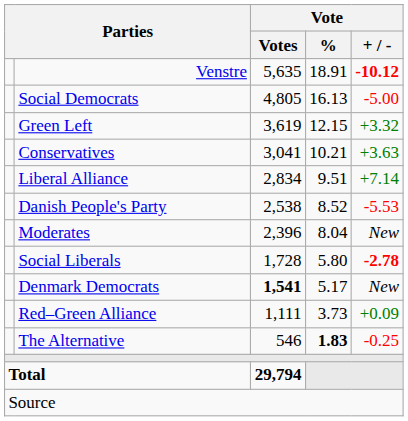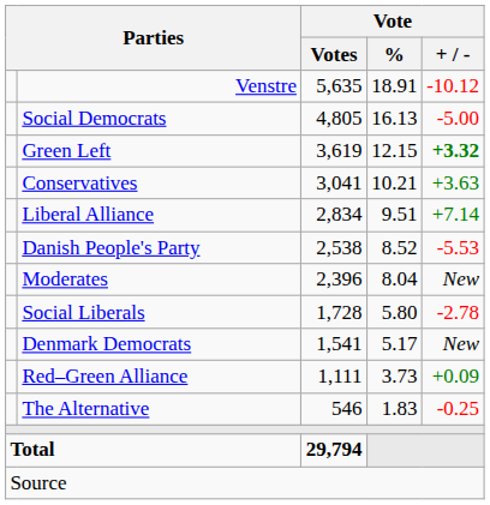 <table class="wikitable" style="text-align:right;">
 <tr>
 <th style="text-align:centre;" rowspan="2" colspan="2" width="225">Parties</th>
 <th colspan="3">Vote</th>
 </tr>
 <tr>
 <th width="15">Votes</th>
 <th width="15">%</th>
 <th width="15">+ / -</th>
 </tr>
 <tr>
 <td width=2 bgcolor=></td>
 <td><a href='#'>Venstre</a></td>
 <td>5,635</td>
 <td>18.91</td>
-<td style=color:red;><strong>-10.12</strong></td>
+<td style=color:red;>-10.12</td>
 </tr>
 <tr>
 <td width=2 bgcolor=></td>
 <td align=left><a href='#'>Social Democrats</a></td>
 <td>4,805</td>
 <td>16.13</td>
 <td style=color:red;>-5.00</td>
 </tr>
 <tr>
 <td width=2 bgcolor=></td>
 <td align=left><a href='#'>Green Left</a></td>
 <td>3,619</td>
 <td>12.15</td>
-<td style=color:green;>+3.32</td>
+<td style=color:green;><strong>+3.32</strong></td>
 </tr>
 <tr>
 <td width=2 bgcolor=></td>
 <td align=left><a href='#'>Conservatives</a></td>
 <td>3,041</td>
 <td>10.21</td>
 <td style=color:green;>+3.63</td>
 </tr>
 <tr>
 <td width=2 bgcolor=></td>
 <td align=left><a href='#'>Liberal Alliance</a></td>
 <td>2,834</td>
 <td>9.51</td>
 <td style=color:green;>+7.14</td>
 </tr>
 <tr>
 <td width=2 bgcolor=></td>
 <td align=left><a href='#'>Danish People's Party</a></td>
 <td>2,538</td>
 <td>8.52</td>
 <td style=color:red;>-5.53</td>
 </tr>
 <tr>
 <td width=2 bgcolor=></td>
 <td align=left><a href='#'>Moderates</a></td>
 <td>2,396</td>
 <td>8.04</td>
 <td><em>New</em></td>
 </tr>
 <tr>
 <td width=2 bgcolor=></td>
 <td align=left><a href='#'>Social Liberals</a></td>
 <td>1,728</td>
 <td>5.80</td>
-<td style=color:red;><strong>-2.78</strong></td>
+<td style=color:red;>-2.78</td>
 </tr>
 <tr>
 <td width=2 bgcolor=></td>
 <td align=left><a href='#'>Denmark Democrats</a></td>
-<td><strong>1,541</strong></td>
+<td>1,541</td>
 <td>5.17</td>
 <td><em>New</em></td>
 </tr>
 <tr>
 <td width=2 bgcolor=></td>
 <td align=left><a href='#'>Red–Green Alliance</a></td>
 <td>1,111</td>
 <td>3.73</td>
 <td style=color:green;>+0.09</td>
 </tr>
 <tr>
 <td width=2 bgcolor=></td>
 <td align=left><a href='#'>The Alternative</a></td>
 <td>546</td>
-<td><strong>1.83</strong></td>
+<td>1.83</td>
 <td style=color:red;>-0.25</td>
 </tr>
 <tr>
 <td colspan="7" bgcolor="#E9E9E9"></td>
 </tr>
 <tr>
 <td align="left" colspan="2"><strong>Total</strong></td>
 <td><strong>29,794</strong></td>
 <td bgcolor=#E9E9E9 colspan=2></td>
 </tr>
 <tr>
 <td align="left" colspan="6">Source</td>
 </tr>
 </table>
